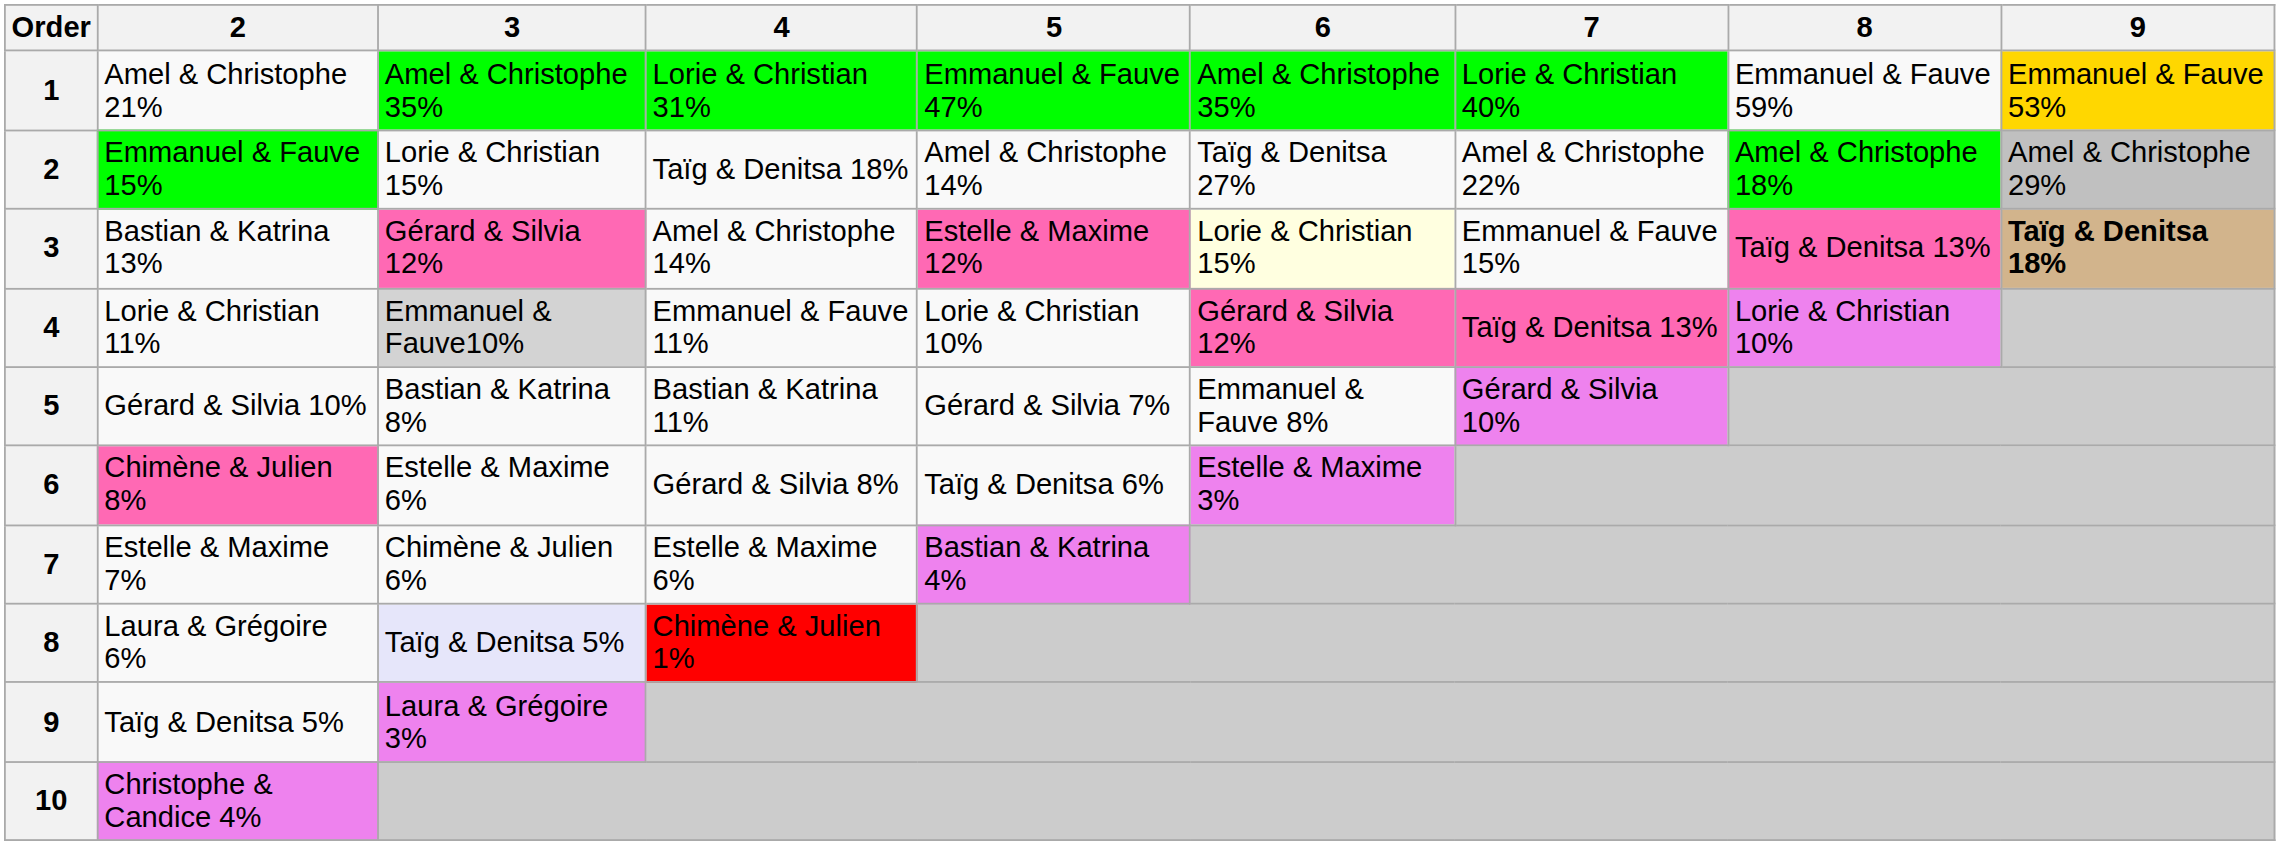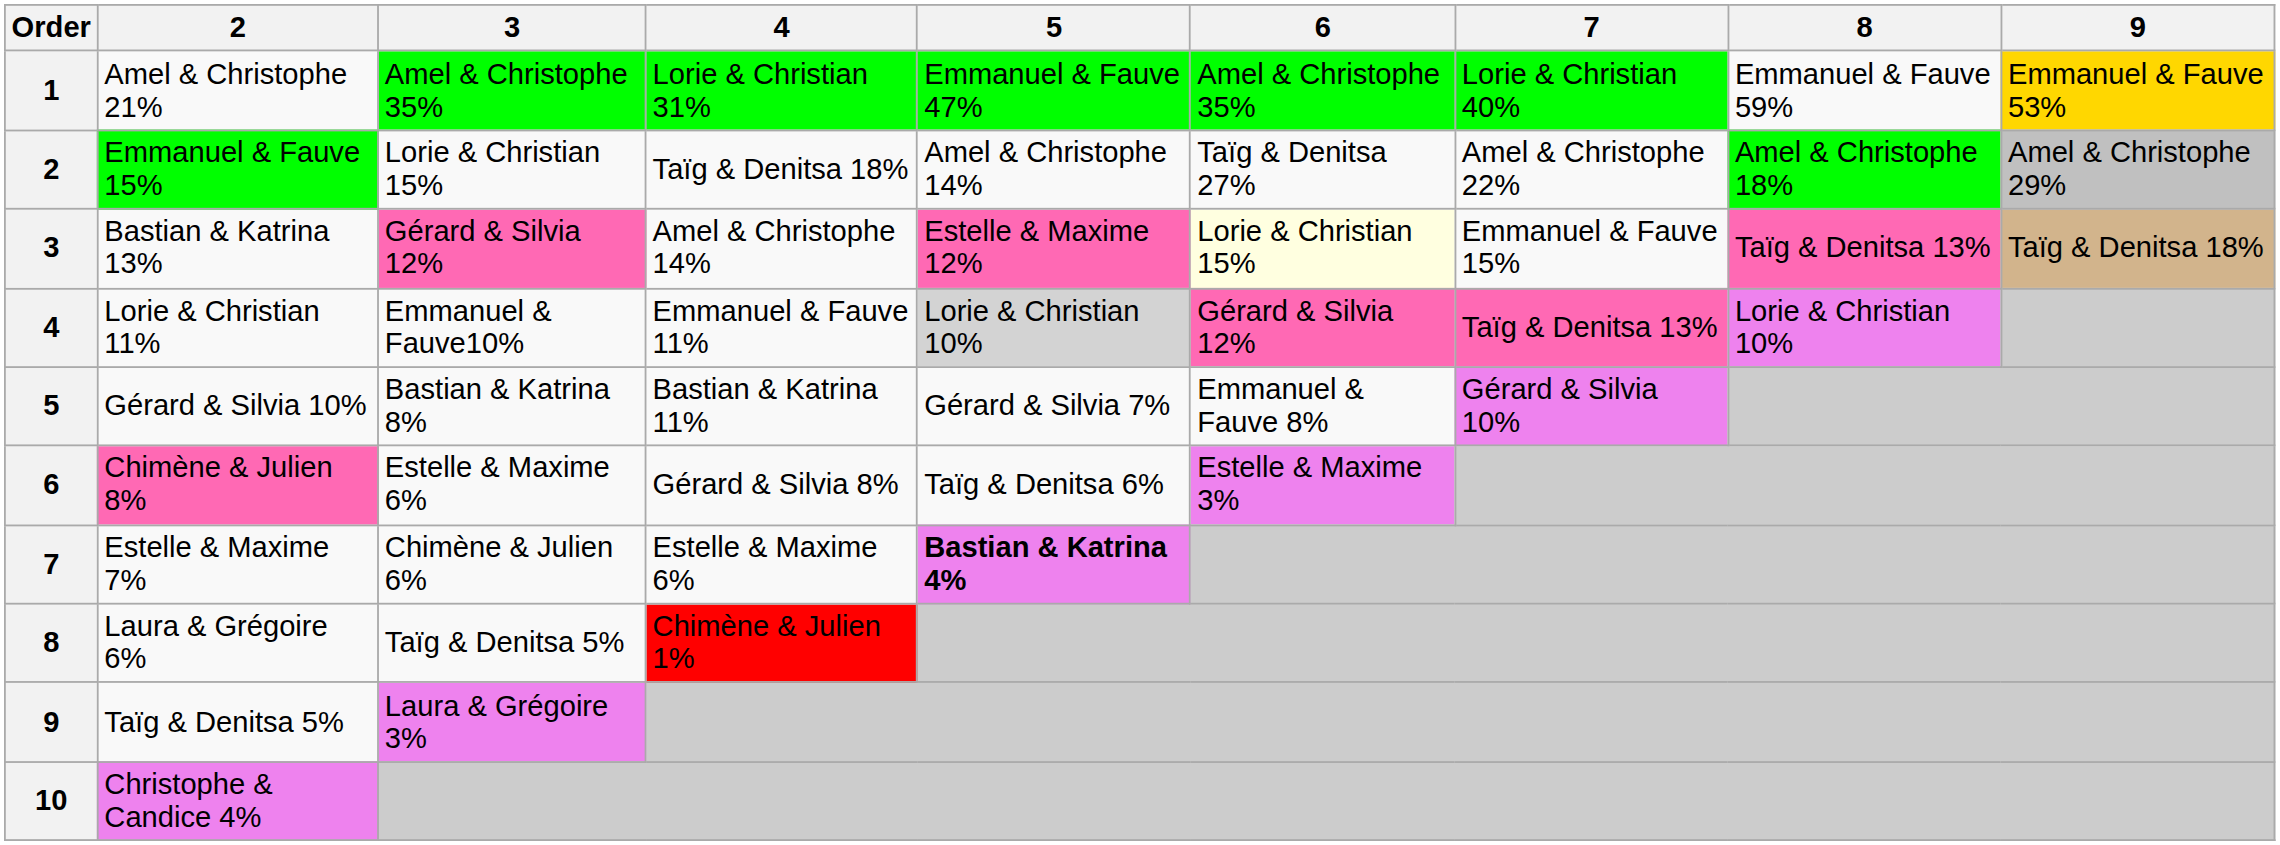 <table class="wikitable">
 <tr>
 <th>Order</th>
 <th>2</th>
 <th>3</th>
 <th>4</th>
 <th>5</th>
 <th>6</th>
 <th>7</th>
 <th>8</th>
 <th>9</th>
 </tr>
 <tr>
 <th>1</th>
 <td>Amel & Christophe 21%</td>
 <td bgcolor="lime">Amel & Christophe 35%</td>
 <td bgcolor="lime">Lorie & Christian 31%</td>
 <td bgcolor="lime">Emmanuel & Fauve 47%</td>
 <td bgcolor="lime">Amel & Christophe 35%</td>
 <td bgcolor="lime">Lorie & Christian 40%</td>
 <td>Emmanuel & Fauve 59%</td>
 <td bgcolor="gold">Emmanuel & Fauve 53%</td>
 </tr>
 <tr>
 <th>2</th>
 <td bgcolor="lime">Emmanuel & Fauve 15%</td>
 <td>Lorie & Christian 15%</td>
 <td>Taïg & Denitsa 18%</td>
 <td>Amel & Christophe 14%</td>
 <td>Taïg & Denitsa 27%</td>
 <td>Amel & Christophe 22%</td>
 <td bgcolor="lime">Amel & Christophe 18%</td>
 <td bgcolor="silver">Amel & Christophe 29%</td>
 </tr>
 <tr>
 <th>3</th>
 <td>Bastian & Katrina 13%</td>
 <td bgcolor="hotpink">Gérard & Silvia 12%</td>
 <td>Amel & Christophe 14%</td>
 <td bgcolor="hotpink">Estelle & Maxime 12%</td>
 <td style="background: lightyellow;">Lorie & Christian 15%</td>
 <td>Emmanuel & Fauve 15%</td>
 <td bgcolor="hotpink">Taïg & Denitsa 13%</td>
-<td bgcolor="tan"><strong>Taïg & Denitsa 18%</strong></td>
+<td bgcolor="tan">Taïg & Denitsa 18%</td>
 </tr>
 <tr>
 <th>4</th>
 <td>Lorie & Christian 11%</td>
-<td style="background: lightgrey;">Emmanuel & Fauve10%</td>
+<td>Emmanuel & Fauve10%</td>
 <td>Emmanuel & Fauve 11%</td>
-<td>Lorie & Christian 10%</td>
+<td style="background: lightgrey;">Lorie & Christian 10%</td>
 <td bgcolor="hotpink">Gérard & Silvia 12%</td>
 <td bgcolor="hotpink">Taïg & Denitsa 13%</td>
 <td bgcolor="violet">Lorie & Christian 10%</td>
 <td bgcolor="#CCCCCC" colspan="1"></td>
 </tr>
 <tr>
 <th>5</th>
 <td>Gérard & Silvia 10%</td>
 <td>Bastian & Katrina 8%</td>
 <td>Bastian & Katrina 11%</td>
 <td>Gérard & Silvia 7%</td>
 <td>Emmanuel & Fauve 8%</td>
 <td bgcolor="violet">Gérard & Silvia 10%</td>
 <td bgcolor="#CCCCCC" colspan="2"></td>
 </tr>
 <tr>
 <th>6</th>
 <td bgcolor="hotpink">Chimène & Julien 8%</td>
 <td>Estelle & Maxime 6%</td>
 <td>Gérard & Silvia 8%</td>
 <td>Taïg & Denitsa 6%</td>
 <td bgcolor="violet">Estelle & Maxime 3%</td>
 <td bgcolor="#CCCCCC" colspan="3"></td>
 </tr>
 <tr>
 <th>7</th>
 <td>Estelle & Maxime 7%</td>
 <td>Chimène & Julien 6%</td>
 <td>Estelle & Maxime 6%</td>
-<td bgcolor="violet">Bastian & Katrina 4%</td>
+<td bgcolor="violet"><strong>Bastian & Katrina 4%</strong></td>
 <td bgcolor="#CCCCCC" colspan="4"></td>
 </tr>
 <tr>
 <th>8</th>
 <td>Laura & Grégoire 6%</td>
-<td style="background: lavender;">Taïg & Denitsa 5%</td>
+<td>Taïg & Denitsa 5%</td>
 <td bgcolor="red">Chimène & Julien 1%</td>
 <td bgcolor="#CCCCCC" colspan="5"></td>
 </tr>
 <tr>
 <th>9</th>
 <td>Taïg & Denitsa 5%</td>
 <td bgcolor="violet">Laura & Grégoire 3%</td>
 <td bgcolor="#CCCCCC" colspan="6"></td>
 </tr>
 <tr>
 <th>10</th>
 <td bgcolor="violet">Christophe & Candice 4%</td>
 <td bgcolor="#CCCCCC" colspan="7"></td>
 </tr>
 <tr>
 </tr>
 </table>
